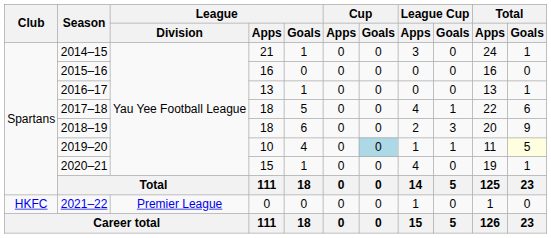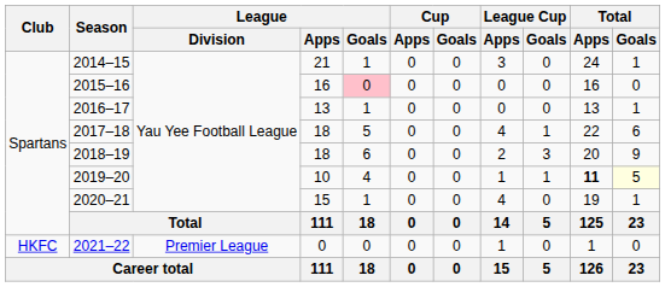 <table class="wikitable" style="text-align: center">
 <tr>
 <th rowspan="2">Club</th>
 <th rowspan="2">Season</th>
 <th colspan="3">League</th>
 <th colspan="2">Cup</th>
 <th colspan="2">League Cup</th>
 <th colspan="2">Total</th>
 </tr>
 <tr>
 <th>Division</th>
 <th>Apps</th>
 <th>Goals</th>
 <th>Apps</th>
 <th>Goals</th>
 <th>Apps</th>
 <th>Goals</th>
 <th>Apps</th>
 <th>Goals</th>
 </tr>
 <tr>
 <td rowspan="8">Spartans</td>
 <td>2014–15</td>
 <td rowspan="7">Yau Yee Football League</td>
 <td>21</td>
 <td>1</td>
 <td>0</td>
 <td>0</td>
 <td>3</td>
 <td>0</td>
 <td>24</td>
 <td>1</td>
 </tr>
 <tr>
 <td>2015–16</td>
 <td>16</td>
-<td>0</td>
+<td style="background: pink;">0</td>
 <td>0</td>
 <td>0</td>
 <td>0</td>
 <td>0</td>
 <td>16</td>
 <td>0</td>
 </tr>
 <tr>
 <td>2016–17</td>
 <td>13</td>
 <td>1</td>
 <td>0</td>
 <td>0</td>
 <td>0</td>
 <td>0</td>
 <td>13</td>
 <td>1</td>
 </tr>
 <tr>
 <td>2017–18</td>
 <td>18</td>
 <td>5</td>
 <td>0</td>
 <td>0</td>
 <td>4</td>
 <td>1</td>
 <td>22</td>
 <td>6</td>
 </tr>
 <tr>
 <td>2018–19</td>
 <td>18</td>
 <td>6</td>
 <td>0</td>
 <td>0</td>
 <td>2</td>
 <td>3</td>
 <td>20</td>
 <td>9</td>
 </tr>
 <tr>
 <td>2019–20</td>
 <td>10</td>
 <td>4</td>
 <td>0</td>
-<td style="background: lightblue;">0</td>
+<td>0</td>
 <td>1</td>
 <td>1</td>
-<td>11</td>
+<td><strong>11</strong></td>
 <td style="background: lightyellow;">5</td>
 </tr>
 <tr>
 <td>2020–21</td>
 <td>15</td>
 <td>1</td>
 <td>0</td>
 <td>0</td>
 <td>4</td>
 <td>0</td>
 <td>19</td>
 <td>1</td>
 </tr>
 <tr>
 <th colspan="2">Total</th>
 <th>111</th>
 <th>18</th>
 <th>0</th>
 <th>0</th>
 <th>14</th>
 <th>5</th>
 <th>125</th>
 <th>23</th>
 </tr>
 <tr>
 <td><a href='#'>HKFC</a></td>
 <td><a href='#'>2021–22</a></td>
 <td><a href='#'>Premier League</a></td>
 <td>0</td>
 <td>0</td>
 <td>0</td>
 <td>0</td>
 <td>1</td>
 <td>0</td>
 <td>1</td>
 <td>0</td>
 </tr>
 <tr>
 <th colspan="3">Career total</th>
 <th>111</th>
 <th>18</th>
 <th>0</th>
 <th>0</th>
 <th>15</th>
 <th>5</th>
 <th>126</th>
 <th>23</th>
 </tr>
 </table>
